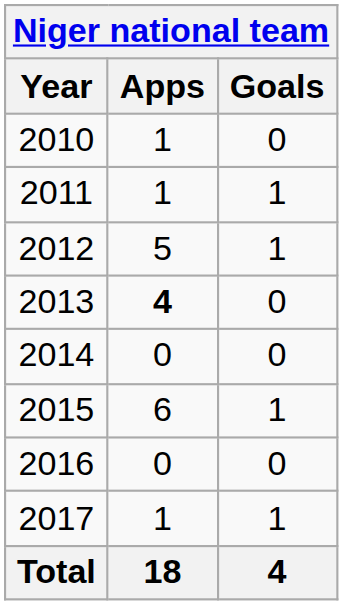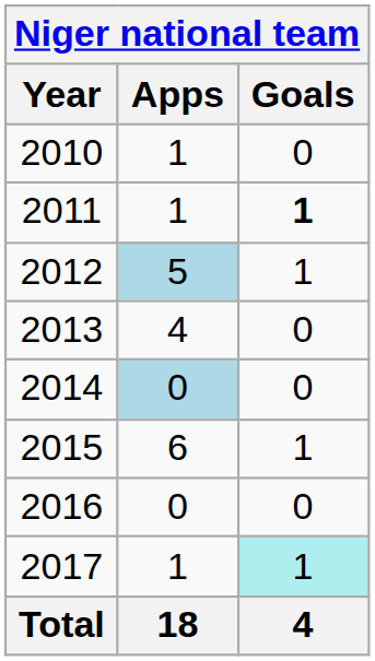 <table class="wikitable" style="text-align:center">
 <tr>
 <th colspan=3><a href='#'>Niger national team</a></th>
 </tr>
 <tr>
 <th>Year</th>
 <th>Apps</th>
 <th>Goals</th>
 </tr>
 <tr>
 <td>2010</td>
 <td>1</td>
 <td>0</td>
 </tr>
 <tr>
 <td>2011</td>
 <td>1</td>
-<td>1</td>
+<td><strong>1</strong></td>
 </tr>
 <tr>
 <td>2012</td>
-<td>5</td>
+<td style="background: lightblue;">5</td>
 <td>1</td>
 </tr>
 <tr>
 <td>2013</td>
-<td><strong>4</strong></td>
+<td>4</td>
 <td>0</td>
 </tr>
 <tr>
 <td>2014</td>
-<td>0</td>
+<td style="background: lightblue;">0</td>
 <td>0</td>
 </tr>
 <tr>
 <td>2015</td>
 <td>6</td>
 <td>1</td>
 </tr>
 <tr>
 <td>2016</td>
 <td>0</td>
 <td>0</td>
 </tr>
 <tr>
 <td>2017</td>
 <td>1</td>
-<td>1</td>
+<td style="background: paleturquoise;">1</td>
 </tr>
 <tr>
 <th>Total</th>
 <th>18</th>
 <th>4</th>
 </tr>
 </table>
